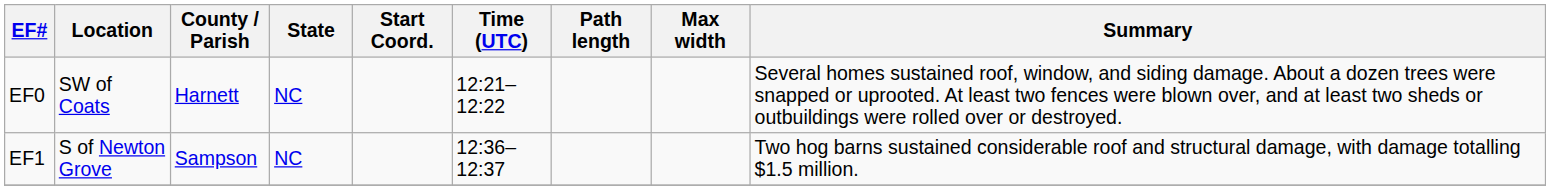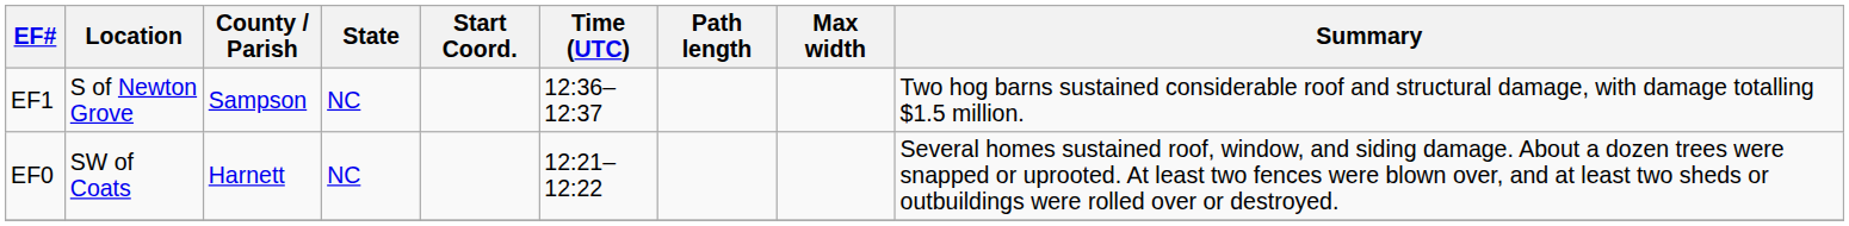 <table class="wikitable sortable" style="width:100%;">
 <tr>
 <th scope="col"  style="width:3%; text-align:center;"><a href='#'>EF#</a></th>
 <th scope="col"  style="width:7%; text-align:center;" class="unsortable">Location</th>
 <th scope="col"  style="width:6%; text-align:center;" class="unsortable">County / Parish</th>
 <th scope="col"  style="width:5%; text-align:center;">State</th>
 <th scope="col"  style="width:6%; text-align:center;">Start Coord.</th>
 <th scope="col"  style="width:6%; text-align:center;">Time (<a href='#'>UTC</a>)</th>
 <th scope="col"  style="width:6%; text-align:center;">Path length</th>
 <th scope="col"  style="width:6%; text-align:center;">Max width</th>
 <th scope="col" class="unsortable" style="width:48%; text-align:center;">Summary</th>
 </tr>
 <tr>
+<td>EF1</td>
+<td>S of <a href='#'>Newton Grove</a></td>
+<td><a href='#'>Sampson</a></td>
+<td><a href='#'>NC</a></td>
+<td></td>
+<td>12:36–12:37</td>
+<td></td>
+<td></td>
+<td>Two hog barns sustained considerable roof and structural damage, with damage totalling $1.5 million.</td>
+</tr>
+<tr>
 <td>EF0</td>
 <td>SW of <a href='#'>Coats</a></td>
 <td><a href='#'>Harnett</a></td>
 <td><a href='#'>NC</a></td>
 <td></td>
 <td>12:21–12:22</td>
 <td></td>
 <td></td>
 <td>Several homes sustained roof, window, and siding damage. About a dozen trees were snapped or uprooted. At least two fences were blown over, and at least two sheds or outbuildings were rolled over or destroyed.</td>
 </tr>
 <tr>
-<td>EF1</td>
-<td>S of <a href='#'>Newton Grove</a></td>
-<td><a href='#'>Sampson</a></td>
-<td><a href='#'>NC</a></td>
-<td></td>
-<td>12:36–12:37</td>
-<td></td>
-<td></td>
-<td>Two hog barns sustained considerable roof and structural damage, with damage totalling $1.5 million.</td>
-</tr>
-<tr>
 </tr>
 </table>
